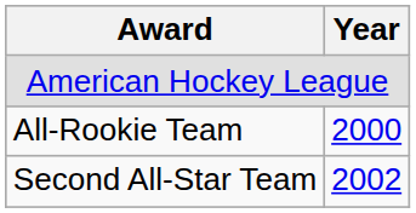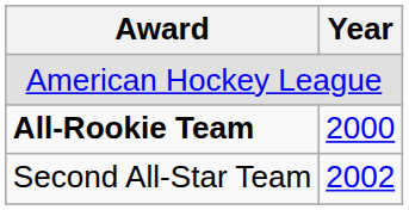 <table class="wikitable">
 <tr>
 <th>Award</th>
 <th>Year</th>
 </tr>
 <tr ALIGN="center" bgcolor="#e0e0e0">
 <td colspan="2"><a href='#'>American Hockey League</a></td>
 </tr>
 <tr>
-<td>All-Rookie Team</td>
+<td><strong>All-Rookie Team</strong></td>
 <td><a href='#'>2000</a></td>
 </tr>
 <tr>
 <td>Second All-Star Team</td>
 <td><a href='#'>2002</a></td>
 </tr>
 </table>
